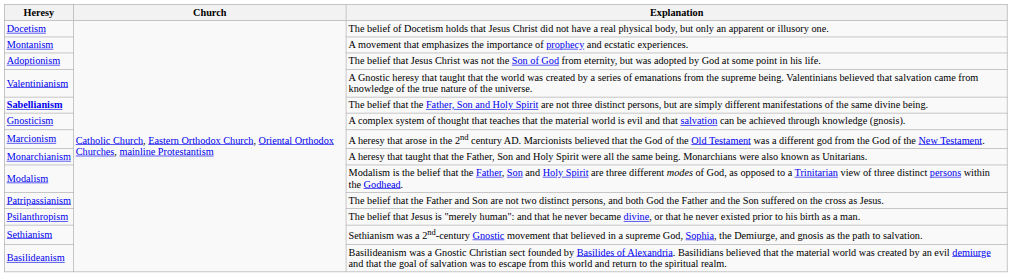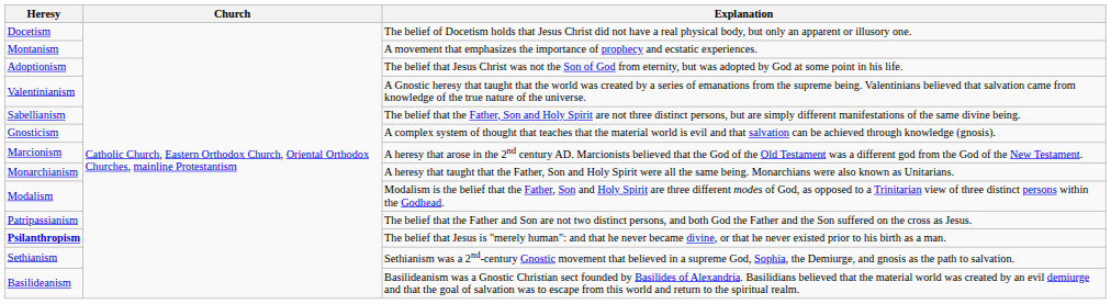 <table class="wikitable">
 <tr>
 <th>Heresy</th>
 <th>Church</th>
 <th>Explanation</th>
 </tr>
 <tr>
 <td><a href='#'>Docetism</a></td>
 <td rowspan="13"><a href='#'>Catholic Church</a>, <a href='#'>Eastern Orthodox Church</a>, <a href='#'>Oriental Orthodox Churches</a>, <a href='#'>mainline Protestantism</a></td>
 <td>The belief of Docetism holds that Jesus Christ did not have a real physical body, but only an apparent or illusory one.</td>
 </tr>
 <tr>
 <td><a href='#'>Montanism</a></td>
 <td>A movement that emphasizes the importance of <a href='#'>prophecy</a> and ecstatic experiences.</td>
 </tr>
 <tr>
 <td><a href='#'>Adoptionism</a></td>
 <td>The belief that Jesus Christ was not the <a href='#'>Son of God</a> from eternity, but was adopted by God at some point in his life.</td>
 </tr>
 <tr>
 <td><a href='#'>Valentinianism</a></td>
 <td>A Gnostic heresy that taught that the world was created by a series of emanations from the supreme being. Valentinians believed that salvation came from knowledge of the true nature of the universe.</td>
 </tr>
 <tr>
-<td><strong><a href='#'>Sabellianism</a></strong></td>
+<td><a href='#'>Sabellianism</a></td>
 <td>The belief that the <a href='#'>Father, Son and Holy Spirit</a> are not three distinct persons, but are simply different manifestations of the same divine being.</td>
 </tr>
 <tr>
 <td><a href='#'>Gnosticism</a></td>
 <td>A complex system of thought that teaches that the material world is evil and that <a href='#'>salvation</a> can be achieved through knowledge (gnosis).</td>
 </tr>
 <tr>
 <td><a href='#'>Marcionism</a></td>
 <td>A heresy that arose in the 2<sup>nd</sup> century AD. Marcionists believed that the God of the <a href='#'>Old Testament</a> was a different god from the God of the <a href='#'>New Testament</a>.</td>
 </tr>
 <tr>
 <td><a href='#'>Monarchianism</a></td>
 <td>A heresy that taught that the Father, Son and Holy Spirit were all the same being. Monarchians were also known as Unitarians.</td>
 </tr>
 <tr>
 <td><a href='#'>Modalism</a></td>
 <td>Modalism is the belief that the <a href='#'>Father</a>, <a href='#'>Son</a> and <a href='#'>Holy Spirit</a> are three different <em>modes</em> of God, as opposed to a <a href='#'>Trinitarian</a> view of three distinct <a href='#'>persons</a> within the <a href='#'>Godhead</a>.</td>
 </tr>
 <tr>
 <td><a href='#'>Patripassianism</a></td>
 <td>The belief that the Father and Son are not two distinct persons, and both God the Father and the Son suffered on the cross as Jesus.</td>
 </tr>
 <tr>
-<td><a href='#'>Psilanthropism</a></td>
+<td><strong><a href='#'>Psilanthropism</a></strong></td>
 <td>The belief that Jesus is "merely human": and that he never became <a href='#'>divine</a>, or that he never existed prior to his birth as a man.</td>
 </tr>
 <tr>
 <td><a href='#'>Sethianism</a></td>
 <td>Sethianism was a 2<sup>nd</sup>-century <a href='#'>Gnostic</a> movement that believed in a supreme God, <a href='#'>Sophia</a>, the Demiurge, and gnosis as the path to salvation.</td>
 </tr>
 <tr>
 <td><a href='#'>Basilideanism</a></td>
 <td>Basilideanism was a Gnostic Christian sect founded by <a href='#'>Basilides of Alexandria</a>. Basilidians believed that the material world was created by an evil <a href='#'>demiurge</a> and that the goal of salvation was to escape from this world and return to the spiritual realm.</td>
 </tr>
 </table>
